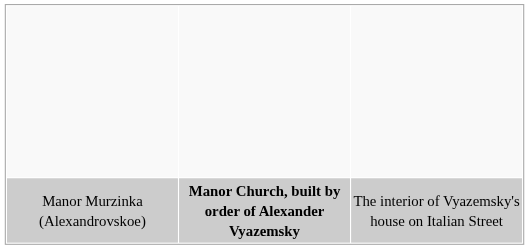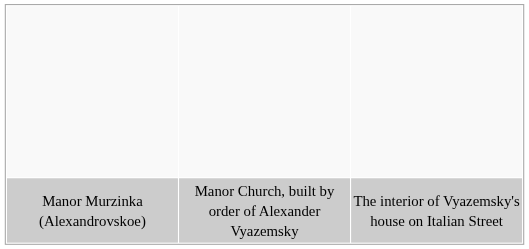 <table border="0" cellpadding="2" cellspacing="1" style="border:1px solid #aaa" align=center>
 <tr align=center>
 <td height="150px" bgcolor="#F9F9F9"></td>
 <td height="150px" bgcolor="#F9F9F9"></td>
 <td height="150px" bgcolor="#F9F9F9"></td>
 </tr>
 <tr align=center>
 <td width="150px" colspan="1" bgcolor="#CCCCCC"><small>Manor Murzinka (Alexandrovskoe)</small></td>
-<td width="150px" colspan="1" bgcolor="#CCCCCC"><strong><small>Manor Church, built by order of Alexander Vyazemsky</small></strong></td>
+<td width="150px" colspan="1" bgcolor="#CCCCCC"><small>Manor Church, built by order of Alexander Vyazemsky</small></td>
 <td width="150px" colspan="1" bgcolor="#CCCCCC"><small>The interior of Vyazemsky's house on Italian Street</small></td>
 </tr>
 </table>
